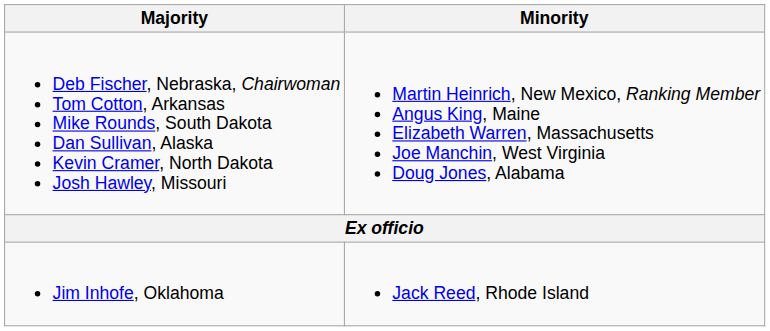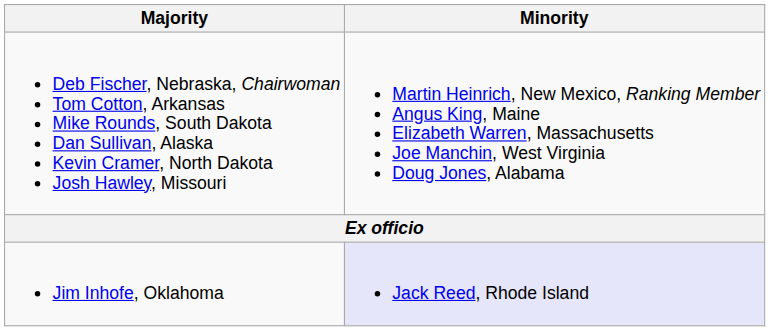 <table class=wikitable>
 <tr>
 <th>Majority</th>
 <th>Minority</th>
 </tr>
 <tr>
 <td><br><ul><li><a href='#'>Deb Fischer</a>, Nebraska, <em>Chairwoman</em></li><li><a href='#'>Tom Cotton</a>, Arkansas</li><li><a href='#'>Mike Rounds</a>, South Dakota</li><li><a href='#'>Dan Sullivan</a>, Alaska</li><li><a href='#'>Kevin Cramer</a>, North Dakota</li><li><a href='#'>Josh Hawley</a>, Missouri</li></ul></td>
 <td><br><ul><li><a href='#'>Martin Heinrich</a>, New Mexico, <em>Ranking Member</em></li><li><span><a href='#'>Angus King</a>, Maine</span></li><li><a href='#'>Elizabeth Warren</a>, Massachusetts</li><li><a href='#'>Joe Manchin</a>, West Virginia</li><li><a href='#'>Doug Jones</a>, Alabama</li></ul></td>
 </tr>
 <tr>
 <th colspan=2><em>Ex officio</em></th>
 </tr>
 <tr>
 <td><br><ul><li><a href='#'>Jim Inhofe</a>, Oklahoma</li></ul></td>
-<td><br><ul><li><a href='#'>Jack Reed</a>, Rhode Island</li></ul></td>
+<td style="background: lavender;"><br><ul><li><a href='#'>Jack Reed</a>, Rhode Island</li></ul></td>
 </tr>
 </table>
